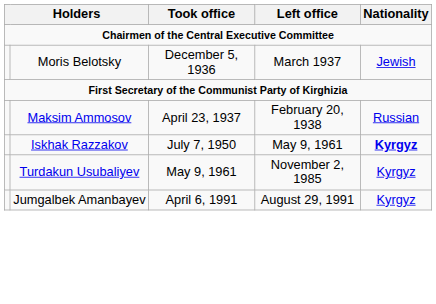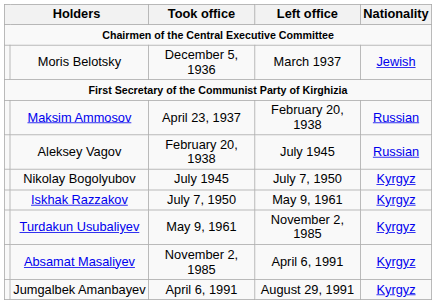 <table class="wikitable" style="text-align:center">
 <tr style="background:#cccccc">
 <th colspan="2" width="150">Holders</th>
 <th rowspan="1" width="125">Took office</th>
 <th rowspan="1" width="125">Left office</th>
 <th>Nationality</th>
 </tr>
 <tr>
 <td colspan="5" align="center"><strong><small>Chairmen of the Central Executive Committee</small></strong></td>
 </tr>
 <tr>
 <td rowspan="1" style="background-color: "></td>
 <td rowspan=1>Moris Belotsky<br></td>
 <td rowspan=1>December 5, 1936</td>
 <td rowspan=1>March 1937</td>
 <td rowspan=1><a href='#'>Jewish</a><br></td>
 </tr>
 <tr>
 <td colspan="5" align="center"><strong><small>First Secretary of the Communist Party of Kirghizia</small></strong></td>
 </tr>
 <tr>
 <td rowspan="1" style="background-color: "></td>
 <td rowspan=1><a href='#'>Maksim Ammosov</a><br></td>
 <td rowspan=1>April 23, 1937<br></td>
 <td rowspan=1>February 20, 1938<br></td>
 <td rowspan=1><a href='#'>Russian</a><br></td>
 </tr>
 <tr>
 <td rowspan="1" style="background-color: "></td>
+<td rowspan=1>Aleksey Vagov<br></td>
+<td rowspan=1>February 20, 1938<br></td>
+<td rowspan=1>July 1945<br></td>
+<td rowspan=1><a href='#'>Russian</a><br></td>
+</tr>
+<tr>
+<td rowspan="1" style="background-color: "></td>
+<td rowspan=1>Nikolay Bogolyubov<br></td>
+<td rowspan=1>July 1945<br></td>
+<td rowspan=1>July 7, 1950<br></td>
+<td rowspan=1><a href='#'>Kyrgyz</a><br></td>
+</tr>
+<tr>
+<td rowspan="1" style="background-color: "></td>
 <td rowspan=1><a href='#'>Iskhak Razzakov</a><br></td>
 <td rowspan=1>July 7, 1950<br></td>
 <td rowspan=1>May 9, 1961<br></td>
-<td rowspan=1><strong><a href='#'>Kyrgyz</a><br></strong></td>
+<td rowspan=1><a href='#'>Kyrgyz</a><br></td>
 </tr>
 <tr>
 <td rowspan="1" style="background-color: "></td>
 <td rowspan=1><a href='#'>Turdakun Usubaliyev</a><br></td>
 <td rowspan=1>May 9, 1961<br></td>
 <td rowspan=1>November 2, 1985<br></td>
 <td rowspan=1><a href='#'>Kyrgyz</a><br></td>
 </tr>
 <tr>
 <td rowspan="1" style="background-color: "></td>
+<td rowspan=1><a href='#'>Absamat Masaliyev</a><br></td>
+<td rowspan=1>November 2, 1985<br></td>
+<td rowspan=1>April 6, 1991<br></td>
+<td rowspan=1><a href='#'>Kyrgyz</a><br></td>
+</tr>
+<tr>
+<td rowspan="1" style="background-color: "></td>
 <td rowspan=1>Jumgalbek Amanbayev<br></td>
 <td rowspan=1>April 6, 1991<br></td>
 <td rowspan=1>August 29, 1991<br></td>
 <td rowspan=1><a href='#'>Kyrgyz</a><br></td>
 </tr>
 </table>
